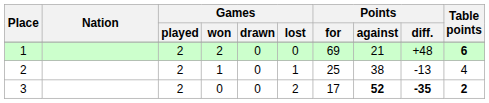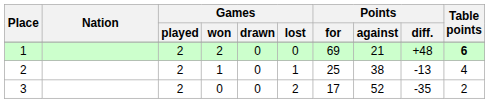 <table class="wikitable" width="650">
 <tr>
 <th rowspan=2 width="8%">Place</th>
 <th rowspan=2 width="30%">Nation</th>
 <th colspan=4 width="32%">Games</th>
 <th colspan=3 width="30%">Points</th>
 <th rowspan=2 width="10%">Table<br>points</th>
 </tr>
 <tr>
 <th width="8%">played</th>
 <th width="8%">won</th>
 <th width="8%">drawn</th>
 <th width="8%">lost</th>
 <th width="10%">for</th>
 <th width="10%">against</th>
 <th width="10%">diff.</th>
 </tr>
 <tr>
 </tr>
 <tr bgcolor=#ccffcc align=center>
 <td>1</td>
 <td align=left><strong></strong></td>
 <td>2</td>
 <td>2</td>
 <td>0</td>
 <td>0</td>
 <td>69</td>
 <td>21</td>
 <td>+48</td>
 <td><strong>6</strong></td>
 </tr>
 <tr bgcolor=#ffffff align=center>
 <td>2</td>
 <td align=left></td>
 <td>2</td>
 <td>1</td>
 <td>0</td>
 <td>1</td>
 <td>25</td>
 <td>38</td>
 <td>-13</td>
 <td>4</td>
 </tr>
 <tr bgcolor=#ffffff align=center>
 <td>3</td>
 <td align=left></td>
 <td>2</td>
 <td>0</td>
 <td>0</td>
 <td>2</td>
 <td>17</td>
-<td><strong>52</strong></td>
-<td><strong>-35</strong></td>
-<td><strong>2</strong></td>
+<td>52</td>
+<td>-35</td>
+<td>2</td>
 </tr>
 </table>
